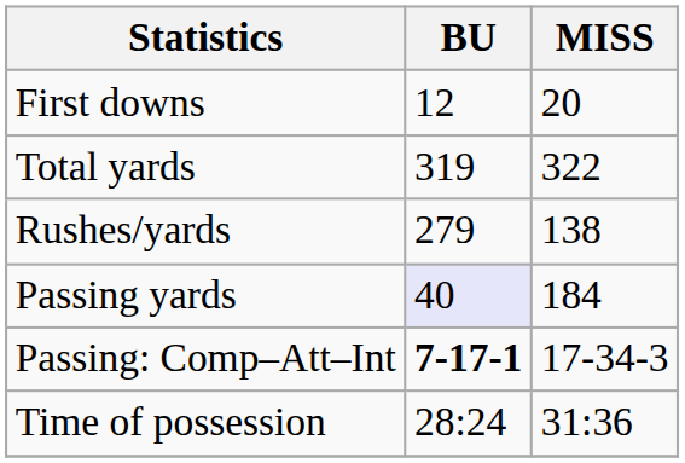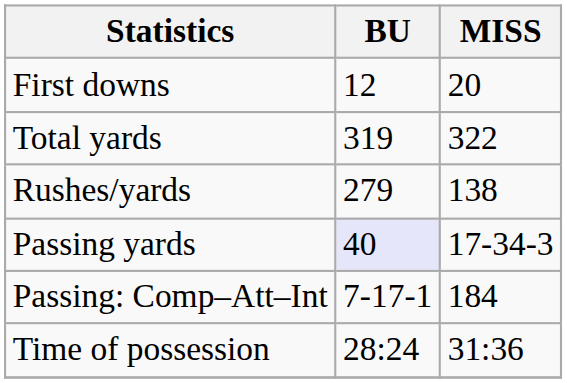 <table class="wikitable" style="float: left;">
 <tr>
 <th>Statistics</th>
 <th>BU</th>
 <th>MISS</th>
 </tr>
 <tr>
 <td>First downs</td>
 <td>12</td>
 <td>20</td>
 </tr>
 <tr>
 <td>Total yards</td>
 <td>319</td>
 <td>322</td>
 </tr>
 <tr>
 <td>Rushes/yards</td>
 <td>279</td>
 <td>138</td>
 </tr>
 <tr>
 <td>Passing yards</td>
 <td style="background: lavender;">40</td>
-<td>184</td>
+<td>17-34-3</td>
 </tr>
 <tr>
 <td>Passing: Comp–Att–Int</td>
-<td><strong>7-17-1</strong></td>
-<td>17-34-3</td>
+<td>7-17-1</td>
+<td>184</td>
 </tr>
 <tr>
 <td>Time of possession</td>
 <td>28:24</td>
 <td>31:36</td>
 </tr>
 <tr>
 </tr>
 </table>
